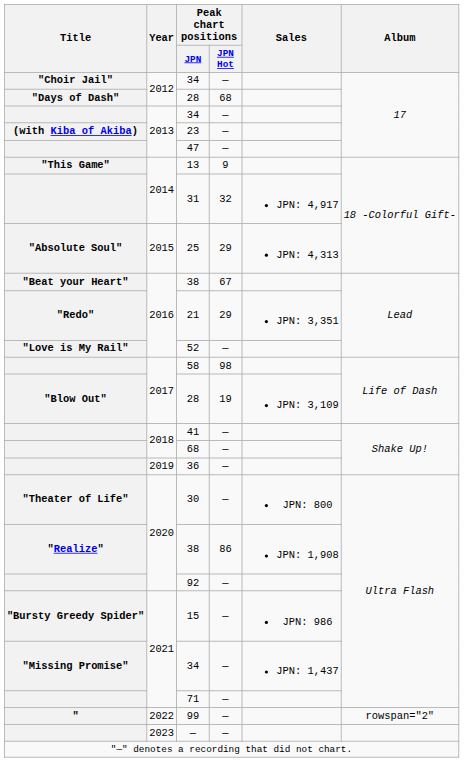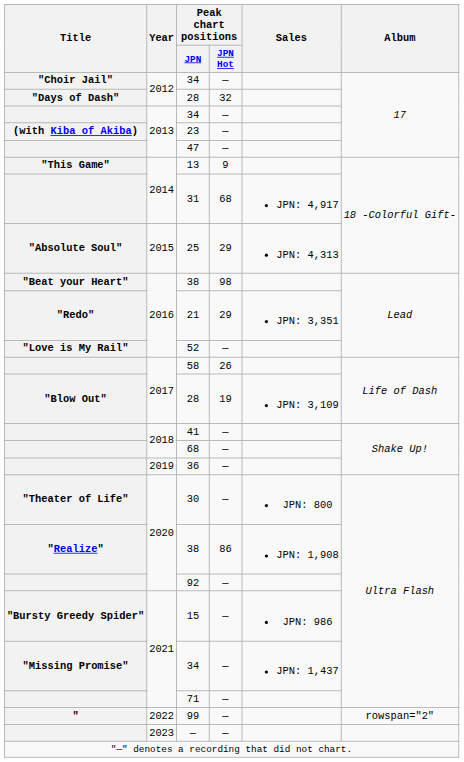 <table class="wikitable plainrowheaders" style="text-align:center;">
 <tr>
 <th scope="col" rowspan="2">Title</th>
 <th scope="col" rowspan="2">Year</th>
 <th scope="col" colspan="2">Peak chart<br>positions</th>
 <th scope="col" rowspan="2">Sales</th>
 <th scope="col" rowspan="2">Album</th>
 </tr>
 <tr>
 <th scope="col" style="width:3em;font-size:90%;"><a href='#'>JPN</a><br></th>
 <th scope="col" style="width:3em;font-size:90%;"><a href='#'>JPN<br>Hot</a><br></th>
 </tr>
 <tr>
 <th scope="row">"Choir Jail"</th>
 <td rowspan="2">2012</td>
 <td>34</td>
 <td>—</td>
 <td></td>
 <td rowspan="5"><em>17</em></td>
 </tr>
 <tr>
 <th scope="row">"Days of Dash"</th>
 <td>28</td>
-<td>68</td>
+<td>32</td>
 <td></td>
 </tr>
 <tr>
 <th scope="row"></th>
 <td rowspan="3">2013</td>
 <td>34</td>
 <td>—</td>
 <td></td>
 </tr>
 <tr>
 <th scope="row"> (with <a href='#'>Kiba of Akiba</a>)</th>
 <td>23</td>
 <td>—</td>
 <td></td>
 </tr>
 <tr>
 <th scope="row"></th>
 <td>47</td>
 <td>—</td>
 <td></td>
 </tr>
 <tr>
 <th scope="row">"This Game"</th>
 <td rowspan="2">2014</td>
 <td>13</td>
 <td>9</td>
 <td></td>
 <td rowspan="3"><em>18 -Colorful Gift-</em></td>
 </tr>
 <tr>
 <th scope="row"></th>
 <td>31</td>
-<td>32</td>
+<td>68</td>
 <td><br><ul><li>JPN: 4,917</li></ul></td>
 </tr>
 <tr>
 <th scope="row">"Absolute Soul"</th>
 <td>2015</td>
 <td>25</td>
 <td>29</td>
 <td><br><ul><li>JPN: 4,313</li></ul></td>
 </tr>
 <tr>
 <th scope="row">"Beat your Heart"</th>
 <td rowspan="3">2016</td>
 <td>38</td>
-<td>67</td>
+<td>98</td>
 <td></td>
 <td rowspan="3"><em>Lead</em></td>
 </tr>
 <tr>
 <th scope="row">"Redo"</th>
 <td>21</td>
 <td>29</td>
 <td><br><ul><li>JPN: 3,351</li></ul></td>
 </tr>
 <tr>
 <th scope="row">"Love is My Rail"</th>
 <td>52</td>
 <td>—</td>
 <td></td>
 </tr>
 <tr>
 <th scope="row"></th>
 <td rowspan="2">2017</td>
 <td>58</td>
-<td>98</td>
+<td>26</td>
 <td></td>
 <td rowspan="2"><em>Life of Dash</em></td>
 </tr>
 <tr>
 <th scope="row">"Blow Out"</th>
 <td>28</td>
 <td>19</td>
 <td><br><ul><li>JPN: 3,109</li></ul></td>
 </tr>
 <tr>
 <th scope="row"></th>
 <td rowspan="2">2018</td>
 <td>41</td>
 <td>—</td>
 <td></td>
 <td rowspan="3"><em>Shake Up!</em></td>
 </tr>
 <tr>
 <th scope="row"></th>
 <td>68</td>
 <td>—</td>
 <td></td>
 </tr>
 <tr>
 <th scope="row"></th>
 <td>2019</td>
 <td>36</td>
 <td>—</td>
 <td></td>
 </tr>
 <tr>
 <th scope="row">"Theater of Life"</th>
 <td rowspan="3">2020</td>
 <td>30</td>
 <td>—</td>
 <td><br><ul><li>JPN: 800</li></ul></td>
 <td rowspan="6"><em>Ultra Flash</em></td>
 </tr>
 <tr>
 <th scope="row">"<a href='#'>Realize</a>"</th>
 <td>38</td>
 <td>86</td>
 <td><br><ul><li>JPN: 1,908</li></ul></td>
 </tr>
 <tr>
 <th scope="row"></th>
 <td>92</td>
 <td>—</td>
 <td></td>
 </tr>
 <tr>
 <th scope="row">"Bursty Greedy Spider"</th>
 <td rowspan="3">2021</td>
 <td>15</td>
 <td>—</td>
 <td><br><ul><li>JPN: 986</li></ul></td>
 </tr>
 <tr>
 <th scope="row">"Missing Promise"</th>
 <td>34</td>
 <td>—</td>
 <td><br><ul><li>JPN: 1,437</li></ul></td>
 </tr>
 <tr>
 <th scope="row"></th>
 <td>71</td>
 <td>—</td>
 <td></td>
 </tr>
 <tr>
 <th scope="row">"</th>
 <td>2022</td>
 <td>99</td>
 <td>—</td>
 <td></td>
 <td>rowspan="2" </td>
 </tr>
 <tr>
 <th scope="row"></th>
 <td>2023</td>
 <td>—</td>
 <td>—</td>
 <td></td>
 </tr>
 <tr>
 <td colspan="6" style="font-size:90%">"—" denotes a recording that did not chart.</td>
 </tr>
 </table>
